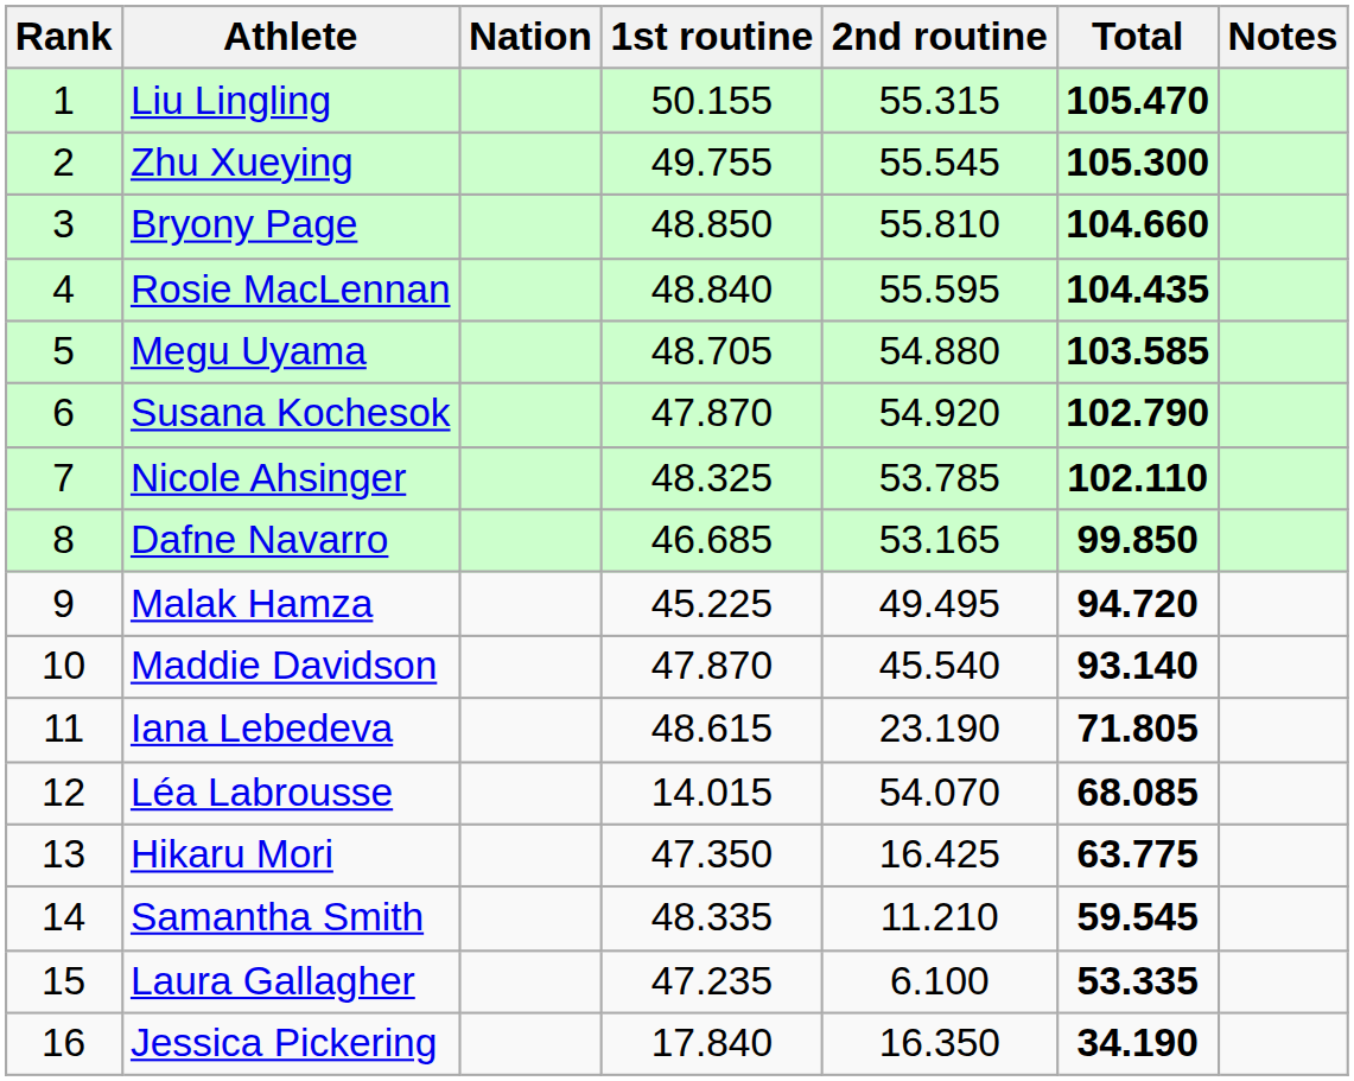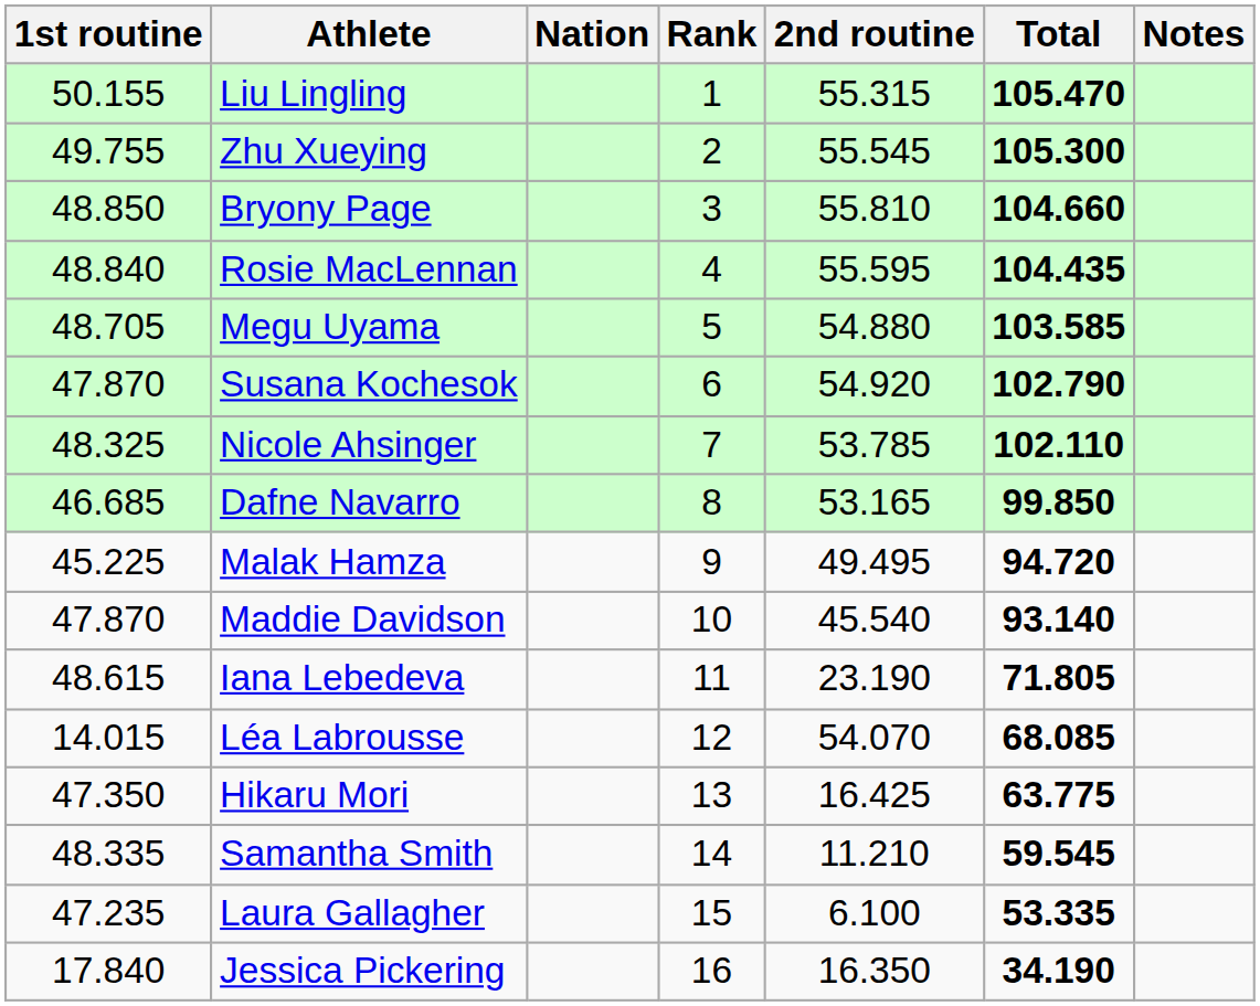 <table class="wikitable sortable" style="text-align:center;">
 <tr>
-<th>Rank</th>
+<th>1st routine</th>
 <th>Athlete</th>
 <th>Nation</th>
-<th>1st routine</th>
+<th>Rank</th>
 <th>2nd routine</th>
 <th>Total</th>
 <th>Notes</th>
 </tr>
 <tr bgcolor="ccffcc">
-<td>1</td>
+<td>50.155</td>
 <td align="left"><a href='#'>Liu Lingling</a></td>
 <td align="left"></td>
-<td>50.155</td>
+<td>1</td>
 <td>55.315</td>
 <td><strong>105.470</strong></td>
 <td></td>
 </tr>
 <tr bgcolor="ccffcc">
-<td>2</td>
+<td>49.755</td>
 <td align="left"><a href='#'>Zhu Xueying</a></td>
 <td align="left"></td>
-<td>49.755</td>
+<td>2</td>
 <td>55.545</td>
 <td><strong>105.300</strong></td>
 <td></td>
 </tr>
 <tr bgcolor="ccffcc">
-<td>3</td>
+<td>48.850</td>
 <td align="left"><a href='#'>Bryony Page</a></td>
 <td align="left"></td>
-<td>48.850</td>
+<td>3</td>
 <td>55.810</td>
 <td><strong>104.660</strong></td>
 <td></td>
 </tr>
 <tr bgcolor="ccffcc">
-<td>4</td>
+<td>48.840</td>
 <td align="left"><a href='#'>Rosie MacLennan</a></td>
 <td align="left"></td>
-<td>48.840</td>
+<td>4</td>
 <td>55.595</td>
 <td><strong>104.435</strong></td>
 <td></td>
 </tr>
 <tr bgcolor="ccffcc">
-<td>5</td>
+<td>48.705</td>
 <td align="left"><a href='#'>Megu Uyama</a></td>
 <td align="left"></td>
-<td>48.705</td>
+<td>5</td>
 <td>54.880</td>
 <td><strong>103.585</strong></td>
 <td></td>
 </tr>
 <tr bgcolor="ccffcc">
-<td>6</td>
+<td>47.870</td>
 <td align="left"><a href='#'>Susana Kochesok</a></td>
 <td align="left"></td>
-<td>47.870</td>
+<td>6</td>
 <td>54.920</td>
 <td><strong>102.790</strong></td>
 <td></td>
 </tr>
 <tr bgcolor="ccffcc">
-<td>7</td>
+<td>48.325</td>
 <td align="left"><a href='#'>Nicole Ahsinger</a></td>
 <td align="left"></td>
-<td>48.325</td>
+<td>7</td>
 <td>53.785</td>
 <td><strong>102.110</strong></td>
 <td></td>
 </tr>
 <tr bgcolor="ccffcc">
-<td>8</td>
+<td>46.685</td>
 <td align="left"><a href='#'>Dafne Navarro</a></td>
 <td align="left"></td>
-<td>46.685</td>
+<td>8</td>
 <td>53.165</td>
 <td><strong>99.850</strong></td>
 <td></td>
 </tr>
 <tr>
-<td>9</td>
+<td>45.225</td>
 <td align="left"><a href='#'>Malak Hamza</a></td>
 <td align="left"></td>
-<td>45.225</td>
+<td>9</td>
 <td>49.495</td>
 <td><strong>94.720</strong></td>
 <td></td>
 </tr>
 <tr>
-<td>10</td>
+<td>47.870</td>
 <td align="left"><a href='#'>Maddie Davidson</a></td>
 <td align="left"></td>
-<td>47.870</td>
+<td>10</td>
 <td>45.540</td>
 <td><strong>93.140</strong></td>
 <td></td>
 </tr>
 <tr>
-<td>11</td>
+<td>48.615</td>
 <td align="left"><a href='#'>Iana Lebedeva</a></td>
 <td align="left"></td>
-<td>48.615</td>
+<td>11</td>
 <td>23.190</td>
 <td><strong>71.805</strong></td>
 <td></td>
 </tr>
 <tr>
-<td>12</td>
+<td>14.015</td>
 <td align="left"><a href='#'>Léa Labrousse</a></td>
 <td align="left"></td>
-<td>14.015</td>
+<td>12</td>
 <td>54.070</td>
 <td><strong>68.085</strong></td>
 <td></td>
 </tr>
 <tr>
-<td>13</td>
+<td>47.350</td>
 <td align="left"><a href='#'>Hikaru Mori</a></td>
 <td align="left"></td>
-<td>47.350</td>
+<td>13</td>
 <td>16.425</td>
 <td><strong>63.775</strong></td>
 <td></td>
 </tr>
 <tr>
-<td>14</td>
+<td>48.335</td>
 <td align="left"><a href='#'>Samantha Smith</a></td>
 <td align="left"></td>
-<td>48.335</td>
+<td>14</td>
 <td>11.210</td>
 <td><strong>59.545</strong></td>
 <td></td>
 </tr>
 <tr>
-<td>15</td>
+<td>47.235</td>
 <td align="left"><a href='#'>Laura Gallagher</a></td>
 <td align="left"></td>
-<td>47.235</td>
+<td>15</td>
 <td>6.100</td>
 <td><strong>53.335</strong></td>
 <td></td>
 </tr>
 <tr>
-<td>16</td>
+<td>17.840</td>
 <td align=left><a href='#'>Jessica Pickering</a></td>
 <td align=left></td>
-<td>17.840</td>
+<td>16</td>
 <td>16.350</td>
 <td><strong>34.190</strong></td>
 <td></td>
 </tr>
 </table>
